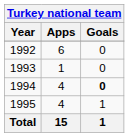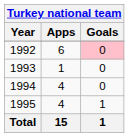 <table class="wikitable" style="text-align:center">
 <tr>
 <th colspan=3><a href='#'>Turkey national team</a></th>
 </tr>
 <tr>
 <th>Year</th>
 <th>Apps</th>
 <th>Goals</th>
 </tr>
 <tr>
 </tr>
 <tr>
 <td>1992</td>
 <td>6</td>
-<td>0</td>
+<td style="background: pink;">0</td>
 </tr>
 <tr>
 <td>1993</td>
 <td>1</td>
 <td>0</td>
 </tr>
 <tr>
 <td>1994</td>
 <td>4</td>
-<td><strong>0</strong></td>
+<td>0</td>
 </tr>
 <tr>
 <td>1995</td>
 <td>4</td>
 <td>1</td>
 </tr>
 <tr>
 <th>Total</th>
 <th>15</th>
 <th>1</th>
 </tr>
 </table>
